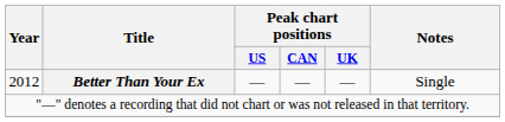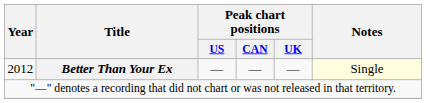 <table class="wikitable plainrowheaders" style="text-align:center">
 <tr>
 <th rowspan="2" scope="col">Year</th>
 <th scope="col" rowspan="2" style="width:12em;">Title</th>
 <th scope="col" colspan="3">Peak chart positions</th>
 <th scope="col" rowspan="2" style="width:8em;">Notes</th>
 </tr>
 <tr>
 <th scope="col" style="width:2.8em;font-size:90%;"><a href='#'>US</a></th>
 <th scope="col" style="width:2.8em;font-size:90%;"><a href='#'>CAN</a></th>
 <th scope="col" style="width:2.8em;font-size:90%;"><a href='#'>UK</a></th>
 </tr>
 <tr>
 <td>2012</td>
 <th scope="row"><em>Better Than Your Ex</em></th>
 <td>—</td>
 <td>—</td>
 <td>—</td>
-<td>Single</td>
+<td style="background: lightyellow;">Single</td>
 </tr>
 <tr>
 <td colspan="6" style="font-size:90%">"—" denotes a recording that did not chart or was not released in that territory.</td>
 </tr>
 <tr>
 </tr>
 </table>
